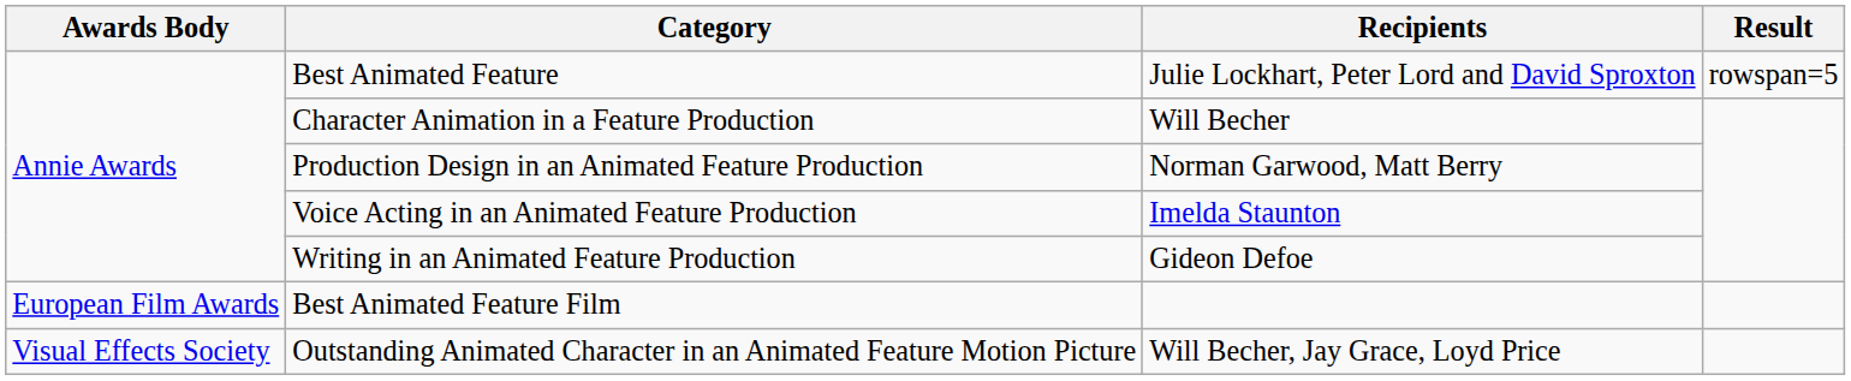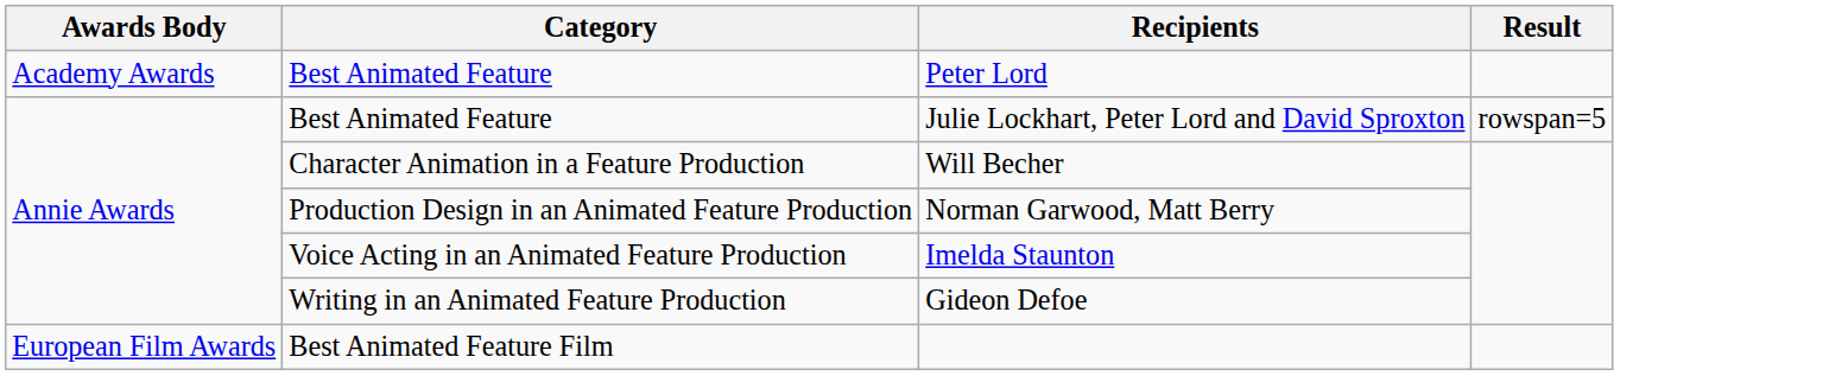 <table class="wikitable">
 <tr>
 <th>Awards Body</th>
 <th>Category</th>
 <th>Recipients</th>
 <th>Result</th>
+</tr>
+<tr>
+<td><a href='#'>Academy Awards</a></td>
+<td><a href='#'>Best Animated Feature</a></td>
+<td><a href='#'>Peter Lord</a></td>
+<td></td>
 </tr>
 <tr>
 <td rowspan=5><a href='#'>Annie Awards</a></td>
 <td>Best Animated Feature</td>
 <td>Julie Lockhart, Peter Lord and <a href='#'>David Sproxton</a></td>
 <td>rowspan=5 </td>
 </tr>
 <tr>
 <td>Character Animation in a Feature Production</td>
 <td>Will Becher</td>
 </tr>
 <tr>
 <td>Production Design in an Animated Feature Production</td>
 <td>Norman Garwood, Matt Berry</td>
 </tr>
 <tr>
 <td>Voice Acting in an Animated Feature Production</td>
 <td><a href='#'>Imelda Staunton</a></td>
 </tr>
 <tr>
 <td>Writing in an Animated Feature Production</td>
 <td>Gideon Defoe</td>
 </tr>
 <tr>
 <td><a href='#'>European Film Awards</a></td>
 <td>Best Animated Feature Film</td>
 <td></td>
 <td></td>
 </tr>
-<tr>
-<td><a href='#'>Visual Effects Society</a></td>
-<td>Outstanding Animated Character in an Animated Feature Motion Picture</td>
-<td>Will Becher, Jay Grace, Loyd Price</td>
-<td></td>
-</tr>
 </table>
